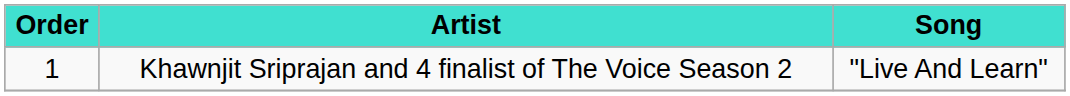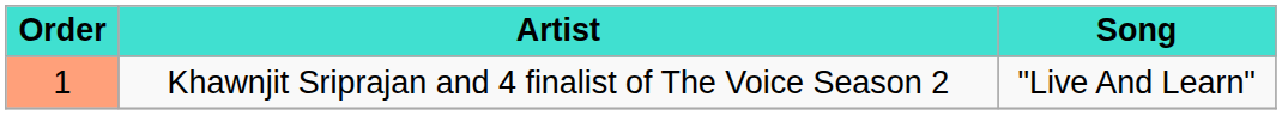 <table class="wikitable" style="text-align:center; width:50%;">
 <tr>
 <th style="background:#40e0d0;">Order</th>
 <th style="background:#40e0d0;">Artist</th>
 <th style="background:#40e0d0;">Song</th>
 </tr>
 <tr>
-<td>1</td>
+<td style="background: lightsalmon;">1</td>
 <td>Khawnjit Sriprajan and 4 finalist of The Voice Season 2</td>
 <td>"Live And Learn"</td>
 </tr>
 <tr>
 </tr>
 </table>
